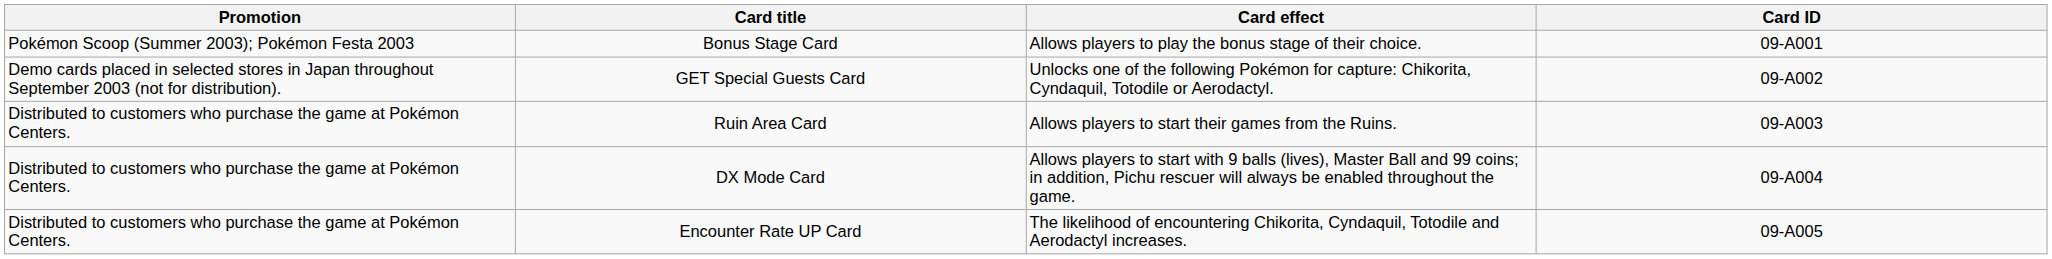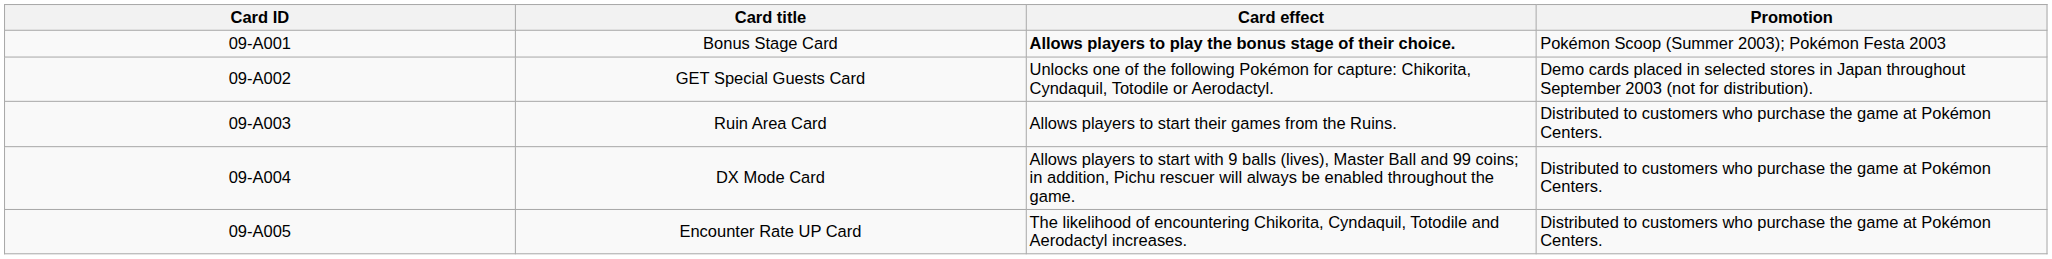 <table class="wikitable" width="100%" cellspacing="1">
 <tr>
-<th width="25%">Promotion</th>
+<th width="25%">Card ID</th>
 <th width="25%">Card title</th>
 <th width="25%">Card effect</th>
-<th width="25%">Card ID</th>
+<th width="25%">Promotion</th>
 </tr>
 <tr>
+<td align="center">09‑A001</td>
+<td align="center">Bonus Stage Card</td>
+<td align="left"><strong>Allows players to play the bonus stage of their choice.</strong></td>
 <td align="left">Pokémon Scoop (Summer 2003); Pokémon Festa 2003</td>
-<td align="center">Bonus Stage Card</td>
-<td align="left">Allows players to play the bonus stage of their choice.</td>
-<td align="center">09‑A001</td>
 </tr>
 <tr>
-<td align="left">Demo cards placed in selected stores in Japan throughout September 2003 (not for distribution).</td>
+<td align="center">09-A002</td>
 <td align="center">GET Special Guests Card</td>
 <td align="left">Unlocks one of the following Pokémon for capture: Chikorita, Cyndaquil, Totodile or Aerodactyl.</td>
-<td align="center">09-A002</td>
+<td align="left">Demo cards placed in selected stores in Japan throughout September 2003 (not for distribution).</td>
 </tr>
 <tr>
-<td align="left">Distributed to customers who purchase the game at Pokémon Centers.</td>
+<td align="center">09‑A003</td>
 <td align="center">Ruin Area Card</td>
 <td align="left">Allows players to start their games from the Ruins.</td>
-<td align="center">09‑A003</td>
+<td align="left">Distributed to customers who purchase the game at Pokémon Centers.</td>
 </tr>
 <tr>
-<td align="left">Distributed to customers who purchase the game at Pokémon Centers.</td>
+<td align="center">09‑A004</td>
 <td align="center">DX Mode Card</td>
 <td align="left">Allows players to start with 9 balls (lives), Master Ball and 99 coins; in addition, Pichu rescuer will always be enabled throughout the game.</td>
-<td align="center">09‑A004</td>
+<td align="left">Distributed to customers who purchase the game at Pokémon Centers.</td>
 </tr>
 <tr>
-<td align="left">Distributed to customers who purchase the game at Pokémon Centers.</td>
+<td align="center">09‑A005</td>
 <td align="center">Encounter Rate UP Card</td>
 <td align="left">The likelihood of encountering Chikorita, Cyndaquil, Totodile and Aerodactyl increases.</td>
-<td align="center">09‑A005</td>
+<td align="left">Distributed to customers who purchase the game at Pokémon Centers.</td>
 </tr>
 </table>
